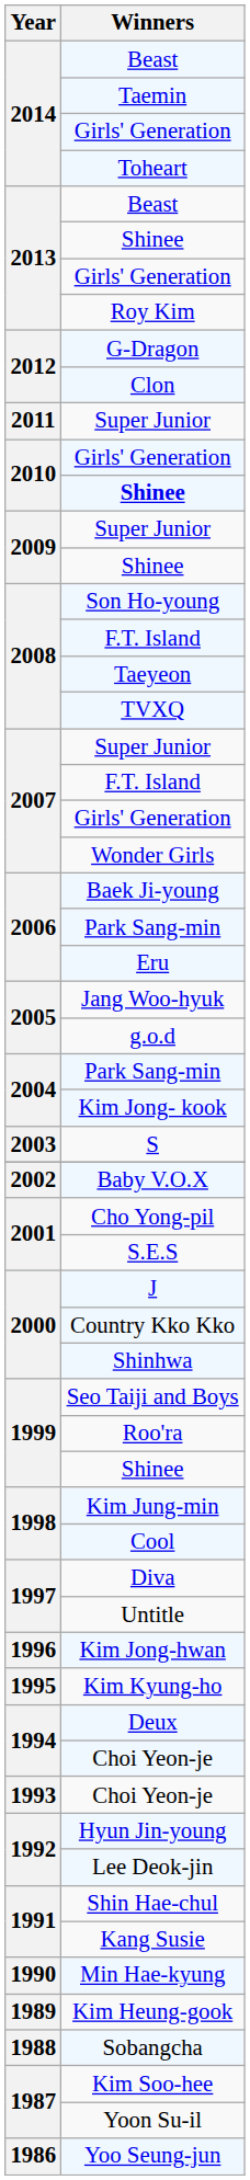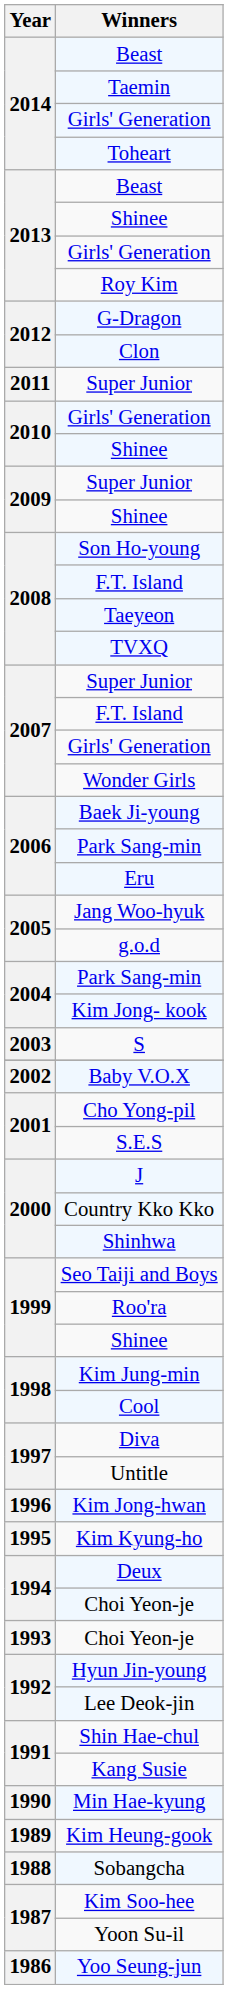 <table class="wikitable plainrowheaders" style="text-align: center;">
 <tr>
 <th scope="col">Year</th>
 <th scope="col">Winners</th>
 </tr>
 <tr style="background:#F0F8FF">
 <th scope="row" style="text-align:center;" rowspan="4">2014</th>
 <td><a href='#'>Beast</a></td>
 </tr>
 <tr style="background:#F0F8FF">
 <td><a href='#'>Taemin</a></td>
 </tr>
 <tr style="background:#F0F8FF">
 <td><a href='#'>Girls' Generation</a></td>
 </tr>
 <tr style="background:#F0F8FF">
 <td><a href='#'>Toheart</a></td>
 </tr>
 <tr>
 <th scope="row" style="text-align:center;" rowspan="4">2013</th>
 <td><a href='#'>Beast</a></td>
 </tr>
 <tr>
 <td><a href='#'>Shinee</a></td>
 </tr>
 <tr>
 <td><a href='#'>Girls' Generation</a></td>
 </tr>
 <tr>
 <td><a href='#'>Roy Kim</a></td>
 </tr>
 <tr style="background:#F0F8FF">
 <th scope="row" style="text-align:center;" rowspan="2">2012</th>
 <td><a href='#'>G-Dragon</a></td>
 </tr>
 <tr style="background:#F0F8FF">
 <td><a href='#'>Clon</a></td>
 </tr>
 <tr>
 <th scope="row" style="text-align:center;">2011</th>
 <td><a href='#'>Super Junior</a></td>
 </tr>
 <tr style="background:#F0F8FF">
 <th scope="row" style="text-align:center;" rowspan="2">2010</th>
 <td><a href='#'>Girls' Generation</a></td>
 </tr>
 <tr style="background:#F0F8FF">
-<td><strong><a href='#'>Shinee</a></strong></td>
+<td><a href='#'>Shinee</a></td>
 </tr>
 <tr>
 <th scope="row" style="text-align:center;" rowspan="2">2009</th>
 <td><a href='#'>Super Junior</a></td>
 </tr>
 <tr>
 <td><a href='#'>Shinee</a></td>
 </tr>
 <tr style="background:#F0F8FF">
 <th scope="row" style="text-align:center;" rowspan="4">2008</th>
 <td><a href='#'>Son Ho-young</a></td>
 </tr>
 <tr style="background:#F0F8FF">
 <td><a href='#'>F.T. Island</a></td>
 </tr>
 <tr style="background:#F0F8FF">
 <td><a href='#'>Taeyeon</a></td>
 </tr>
 <tr style="background:#F0F8FF">
 <td><a href='#'>TVXQ</a></td>
 </tr>
 <tr>
 <th scope="row" style="text-align:center;" rowspan="4">2007</th>
 <td><a href='#'>Super Junior</a></td>
 </tr>
 <tr>
 <td><a href='#'>F.T. Island</a></td>
 </tr>
 <tr>
 <td><a href='#'>Girls' Generation</a></td>
 </tr>
 <tr>
 <td><a href='#'>Wonder Girls</a></td>
 </tr>
 <tr style="background:#F0F8FF">
 <th scope="row" style="text-align:center;" rowspan="3">2006</th>
 <td><a href='#'>Baek Ji-young</a></td>
 </tr>
 <tr style="background:#F0F8FF">
 <td><a href='#'>Park Sang-min</a></td>
 </tr>
 <tr style="background:#F0F8FF">
 <td><a href='#'>Eru</a></td>
 </tr>
 <tr>
 <th scope="row" style="text-align:center;" rowspan="2">2005</th>
 <td><a href='#'>Jang Woo-hyuk</a></td>
 </tr>
 <tr>
 <td><a href='#'>g.o.d</a></td>
 </tr>
 <tr style="background:#F0F8FF">
 <th scope="row" style="text-align:center;" rowspan="2">2004</th>
 <td><a href='#'>Park Sang-min</a></td>
 </tr>
 <tr style="background:#F0F8FF">
 <td><a href='#'>Kim Jong- kook</a></td>
 </tr>
 <tr>
 <th scope="row" style="text-align:center;">2003</th>
 <td><a href='#'>S</a></td>
 </tr>
 <tr>
 </tr>
 <tr style="background:#F0F8FF">
 <th scope="row" style="text-align:center;">2002</th>
 <td><a href='#'>Baby V.O.X</a></td>
 </tr>
 <tr>
 <th scope="row" style="text-align:center;" rowspan="2">2001</th>
 <td><a href='#'>Cho Yong-pil</a></td>
 </tr>
 <tr>
 <td><a href='#'>S.E.S</a></td>
 </tr>
 <tr style="background:#F0F8FF">
 <th scope="row" style="text-align:center;" rowspan="3">2000</th>
 <td><a href='#'>J</a></td>
 </tr>
 <tr style="background:#F0F8FF">
 <td>Country Kko Kko</td>
 </tr>
 <tr style="background:#F0F8FF">
 <td><a href='#'>Shinhwa</a></td>
 </tr>
 <tr>
 <th scope="row" style="text-align:center;" rowspan="3">1999</th>
 <td><a href='#'>Seo Taiji and Boys</a></td>
 </tr>
 <tr>
 <td><a href='#'>Roo'ra</a></td>
 </tr>
 <tr>
 <td><a href='#'>Shinee</a></td>
 </tr>
 <tr style="background:#F0F8FF">
 <th scope="row" style="text-align:center;" rowspan="2">1998</th>
 <td><a href='#'>Kim Jung-min</a></td>
 </tr>
 <tr style="background:#F0F8FF">
 <td><a href='#'>Cool</a></td>
 </tr>
 <tr>
 <th scope="row" style="text-align:center;" rowspan="2">1997</th>
 <td><a href='#'>Diva</a></td>
 </tr>
 <tr>
 <td>Untitle</td>
 </tr>
 <tr style="background:#F0F8FF">
 <th scope="row" style="text-align:center;">1996</th>
 <td><a href='#'>Kim Jong-hwan</a></td>
 </tr>
 <tr>
 <th scope="row" style="text-align:center;">1995</th>
 <td><a href='#'>Kim Kyung-ho</a></td>
 </tr>
 <tr style="background:#F0F8FF">
 <th scope="row" style="text-align:center;" rowspan="2">1994</th>
 <td><a href='#'>Deux</a></td>
 </tr>
 <tr style="background:#F0F8FF">
 <td>Choi Yeon-je</td>
 </tr>
 <tr>
 <th scope="row" style="text-align:center;">1993</th>
 <td>Choi Yeon-je</td>
 </tr>
 <tr style="background:#F0F8FF">
 <th scope="row" style="text-align:center;" rowspan="2">1992</th>
 <td><a href='#'>Hyun Jin-young</a></td>
 </tr>
 <tr style="background:#F0F8FF">
 <td>Lee Deok-jin</td>
 </tr>
 <tr>
 <th scope="row" style="text-align:center;" rowspan="2">1991</th>
 <td><a href='#'>Shin Hae-chul</a></td>
 </tr>
 <tr>
 <td><a href='#'>Kang Susie</a></td>
 </tr>
 <tr style="background:#F0F8FF">
 <th scope="row" style="text-align:center;">1990</th>
 <td><a href='#'>Min Hae-kyung</a></td>
 </tr>
 <tr>
 <th scope="row" style="text-align:center;">1989</th>
 <td><a href='#'>Kim Heung-gook</a></td>
 </tr>
 <tr style="background:#F0F8FF">
 <th scope="row" style="text-align:center;">1988</th>
 <td>Sobangcha</td>
 </tr>
 <tr>
 <th scope="row" style="text-align:center;" rowspan="2">1987</th>
 <td><a href='#'>Kim Soo-hee</a></td>
 </tr>
 <tr>
 <td>Yoon Su-il</td>
 </tr>
 <tr style="background:#F0F8FF">
 <th scope="row" style="text-align:center;">1986</th>
 <td><a href='#'>Yoo Seung-jun</a></td>
 </tr>
 </table>
